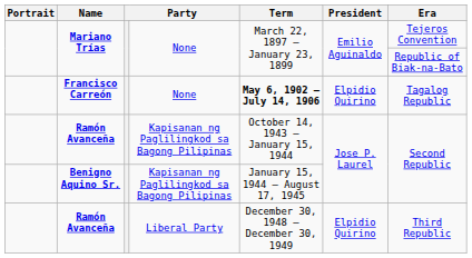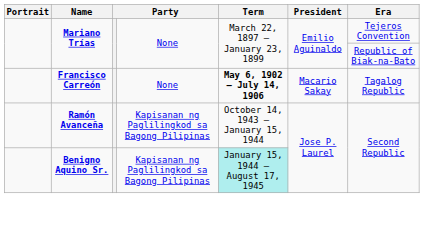 <table class="wikitable" style="text-align:center">
 <tr>
 <th scope="col">Portrait</th>
 <th scope="col">Name<br></th>
 <th colspan="2" scope="col">Party</th>
 <th scope="col">Term</th>
 <th scope="col">President</th>
 <th scope="col">Era</th>
 </tr>
 <tr>
 <td rowspan="2"></td>
 <td rowspan="2"><strong><a href='#'>Mariano Trías</a></strong><br><br></td>
 <th rowspan="2" style="background:"></th>
 <td rowspan="2"><a href='#'>None</a></td>
 <td rowspan="2">March 22, 1897 – January 23, 1899<br></td>
 <td rowspan="2"><a href='#'>Emilio Aguinaldo</a></td>
 <td><a href='#'>Tejeros Convention</a></td>
 </tr>
 <tr>
 <td><a href='#'>Republic of Biak-na-Bato</a></td>
 </tr>
 <tr>
 <td></td>
 <td><strong><a href='#'>Francisco Carreón</a></strong><br><br></td>
 <th style="background:"></th>
 <td><a href='#'>None</a></td>
 <td><strong>May 6, 1902 – July 14, 1906<br></strong></td>
-<td><a href='#'>Elpidio Quirino</a></td>
+<td><a href='#'>Macario Sakay</a></td>
 <td><a href='#'>Tagalog Republic</a></td>
 </tr>
 <tr>
 <td></td>
 <td><strong><a href='#'>Ramón Avanceña</a></strong><br><br></td>
 <th style="background:"></th>
 <td><a href='#'>Kapisanan ng Paglilingkod sa Bagong Pilipinas</a><br></td>
 <td>October 14, 1943 – January 15, 1944<br></td>
 <td rowspan="2"><a href='#'>Jose P. Laurel</a></td>
 <td rowspan="2"><a href='#'>Second Republic</a></td>
 </tr>
 <tr>
 <td></td>
 <td><strong><a href='#'>Benigno Aquino Sr.</a></strong><br><br></td>
 <th style="background:"></th>
 <td><a href='#'>Kapisanan ng Paglilingkod sa Bagong Pilipinas</a><br></td>
-<td>January 15, 1944 – August 17, 1945<br></td>
-</tr>
-<tr>
-<td></td>
-<td><strong><a href='#'>Ramón Avanceña</a></strong><br><br></td>
-<th style="background:"></th>
-<td><a href='#'>Liberal Party</a></td>
-<td>December 30, 1948 – December 30, 1949<br></td>
-<td><a href='#'>Elpidio Quirino</a></td>
-<td><a href='#'>Third Republic</a></td>
+<td style="background: paleturquoise;">January 15, 1944 – August 17, 1945<br></td>
 </tr>
 </table>
